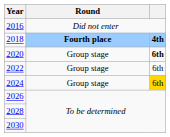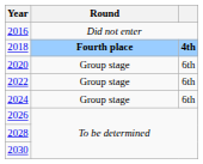 <table class="wikitable" style="text-align: center; font-size:90%">
 <tr>
 <th>Year</th>
 <th style="width:200px">Round</th>
 <th></th>
 </tr>
 <tr>
 <td><a href='#'>2016</a></td>
 <td colspan="2"><em>Did not enter</em></td>
 </tr>
 <tr>
 <td><a href='#'>2018</a></td>
 <td bgcolor="9acdff"><strong>Fourth place</strong></td>
 <td bgcolor="9acdff"><strong>4th</strong></td>
 </tr>
 <tr>
 <td><a href='#'>2020</a></td>
 <td>Group stage</td>
-<td><strong>6th</strong></td>
+<td>6th</td>
 </tr>
 <tr>
 <td><a href='#'>2022</a></td>
 <td>Group stage</td>
 <td>6th</td>
 </tr>
 <tr>
 <td><a href='#'>2024</a></td>
 <td>Group stage</td>
-<td style="background: gold;">6th</td>
+<td>6th</td>
 </tr>
 <tr>
 <td><a href='#'>2026</a></td>
 <td colspan="2" rowspan="3"><em>To be determined</em></td>
 </tr>
 <tr>
 <td><a href='#'>2028</a></td>
 </tr>
 <tr>
 <td><a href='#'>2030</a></td>
 </tr>
 </table>
